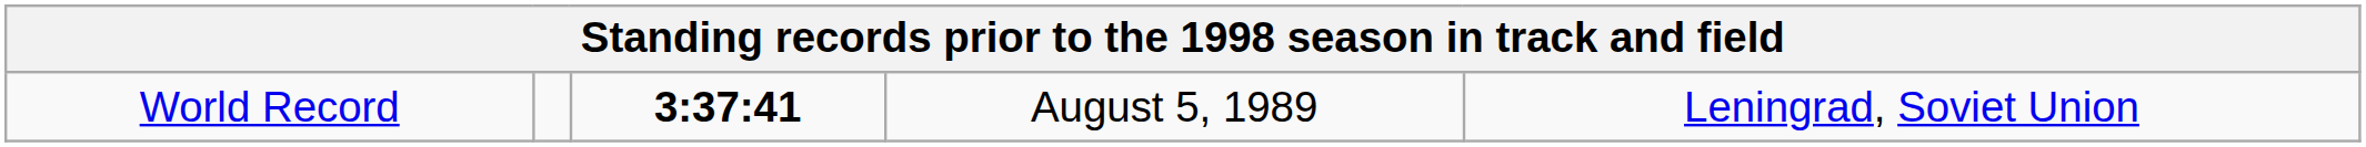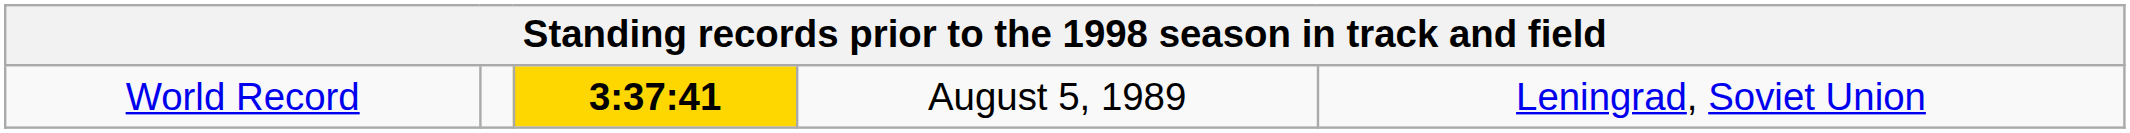 <table class="wikitable" style="text-align:center; width:100%">
 <tr>
 <th colspan="5">Standing records prior to the 1998 season in track and field</th>
 </tr>
 <tr>
 <td><a href='#'>World Record</a></td>
 <td></td>
-<td><strong>3:37:41</strong></td>
+<td style="background: gold;"><strong>3:37:41</strong></td>
 <td>August 5, 1989</td>
 <td> <a href='#'>Leningrad</a>, <a href='#'>Soviet Union</a></td>
 </tr>
 </table>
